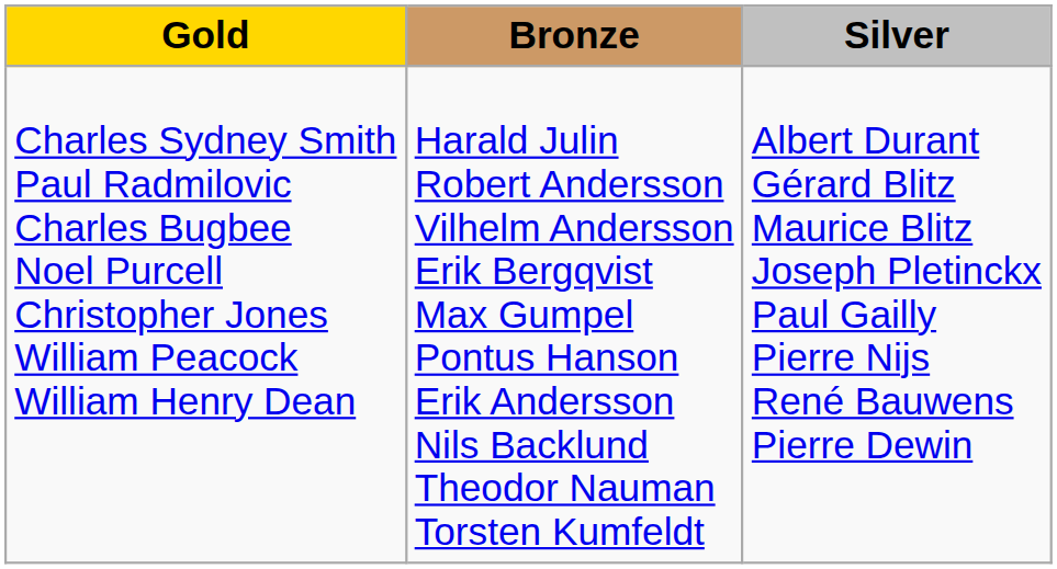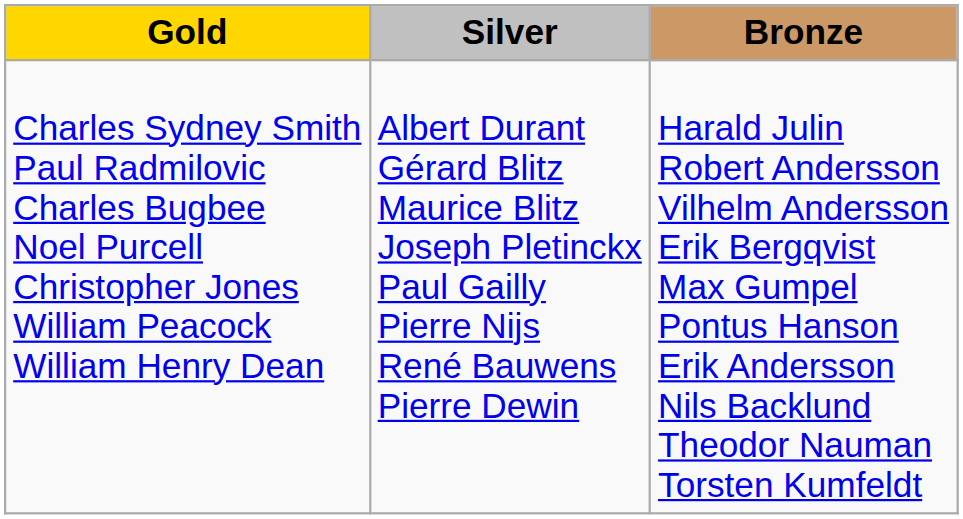 <table class="wikitable">
 <tr>
 <td align=center bgcolor=gold><strong>Gold</strong></td>
+<td align=center bgcolor=silver><strong>Silver</strong></td>
 <td align=center bgcolor=cc9966><strong>Bronze</strong></td>
-<td align=center bgcolor=silver><strong>Silver</strong></td>
 </tr>
 <tr valign="top">
 <td> <br> <a href='#'>Charles Sydney Smith</a><br><a href='#'>Paul Radmilovic</a><br><a href='#'>Charles Bugbee</a><br><a href='#'>Noel Purcell</a><br><a href='#'>Christopher Jones</a><br><a href='#'>William Peacock</a><br><a href='#'>William Henry Dean</a></td>
+<td> <br> <a href='#'>Albert Durant</a><br><a href='#'>Gérard Blitz</a><br><a href='#'>Maurice Blitz</a><br><a href='#'>Joseph Pletinckx</a><br><a href='#'>Paul Gailly</a><br><a href='#'>Pierre Nijs</a><br><a href='#'>René Bauwens</a><br><a href='#'>Pierre Dewin</a></td>
 <td> <br> <a href='#'>Harald Julin</a><br><a href='#'>Robert Andersson</a><br><a href='#'>Vilhelm Andersson</a><br><a href='#'>Erik Bergqvist</a><br><a href='#'>Max Gumpel</a><br><a href='#'>Pontus Hanson</a><br><a href='#'>Erik Andersson</a><br><a href='#'>Nils Backlund</a><br><a href='#'>Theodor Nauman</a><br><a href='#'>Torsten Kumfeldt</a></td>
-<td> <br> <a href='#'>Albert Durant</a><br><a href='#'>Gérard Blitz</a><br><a href='#'>Maurice Blitz</a><br><a href='#'>Joseph Pletinckx</a><br><a href='#'>Paul Gailly</a><br><a href='#'>Pierre Nijs</a><br><a href='#'>René Bauwens</a><br><a href='#'>Pierre Dewin</a></td>
 </tr>
 </table>
